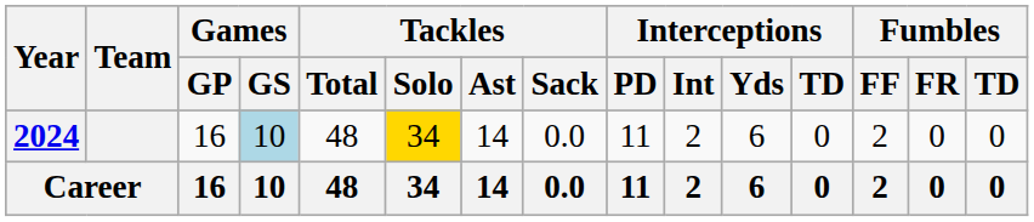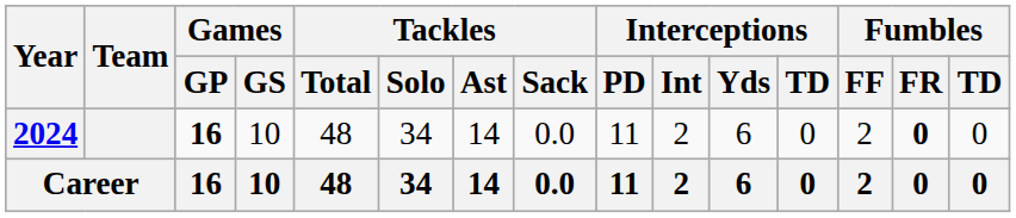 <table class="wikitable" style="text-align:center;">
 <tr>
 <th rowspan="2">Year</th>
 <th rowspan="2">Team</th>
 <th colspan="2">Games</th>
 <th colspan="4">Tackles</th>
 <th colspan="4">Interceptions</th>
 <th colspan="3">Fumbles</th>
 </tr>
 <tr>
 <th>GP</th>
 <th>GS</th>
 <th>Total</th>
 <th>Solo</th>
 <th>Ast</th>
 <th>Sack</th>
 <th>PD</th>
 <th>Int</th>
 <th>Yds</th>
 <th>TD</th>
 <th>FF</th>
 <th>FR</th>
 <th>TD</th>
 </tr>
 <tr>
 <th><a href='#'>2024</a></th>
 <th><a href='#'></a></th>
-<td>16</td>
-<td style="background: lightblue;">10</td>
+<td><strong>16</strong></td>
+<td>10</td>
 <td>48</td>
-<td style="background: gold;">34</td>
+<td>34</td>
 <td>14</td>
 <td>0.0</td>
 <td>11</td>
 <td>2</td>
 <td>6</td>
 <td>0</td>
 <td>2</td>
-<td>0</td>
+<td><strong>0</strong></td>
 <td>0</td>
 </tr>
 <tr>
 <th align=center colspan="2">Career</th>
 <th>16</th>
 <th>10</th>
 <th>48</th>
 <th>34</th>
 <th>14</th>
 <th>0.0</th>
 <th>11</th>
 <th>2</th>
 <th>6</th>
 <th>0</th>
 <th>2</th>
 <th>0</th>
 <th>0</th>
 </tr>
 </table>
